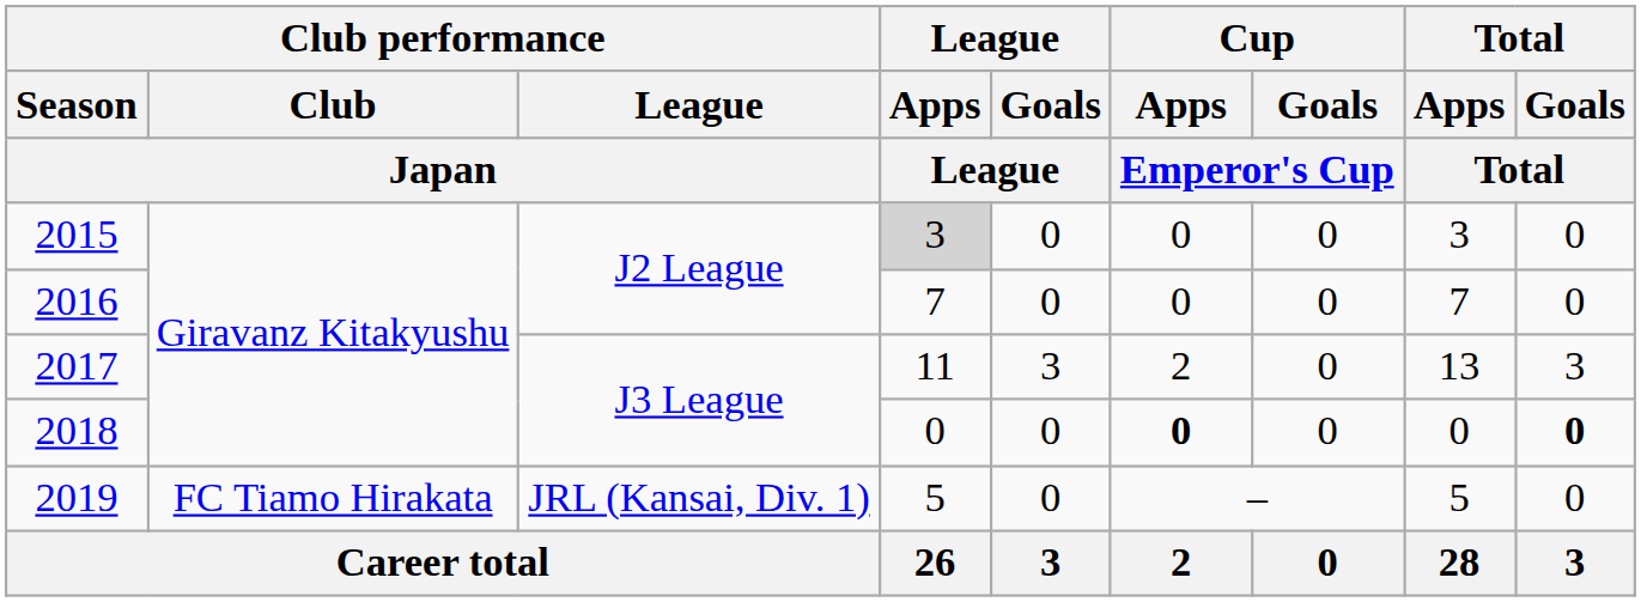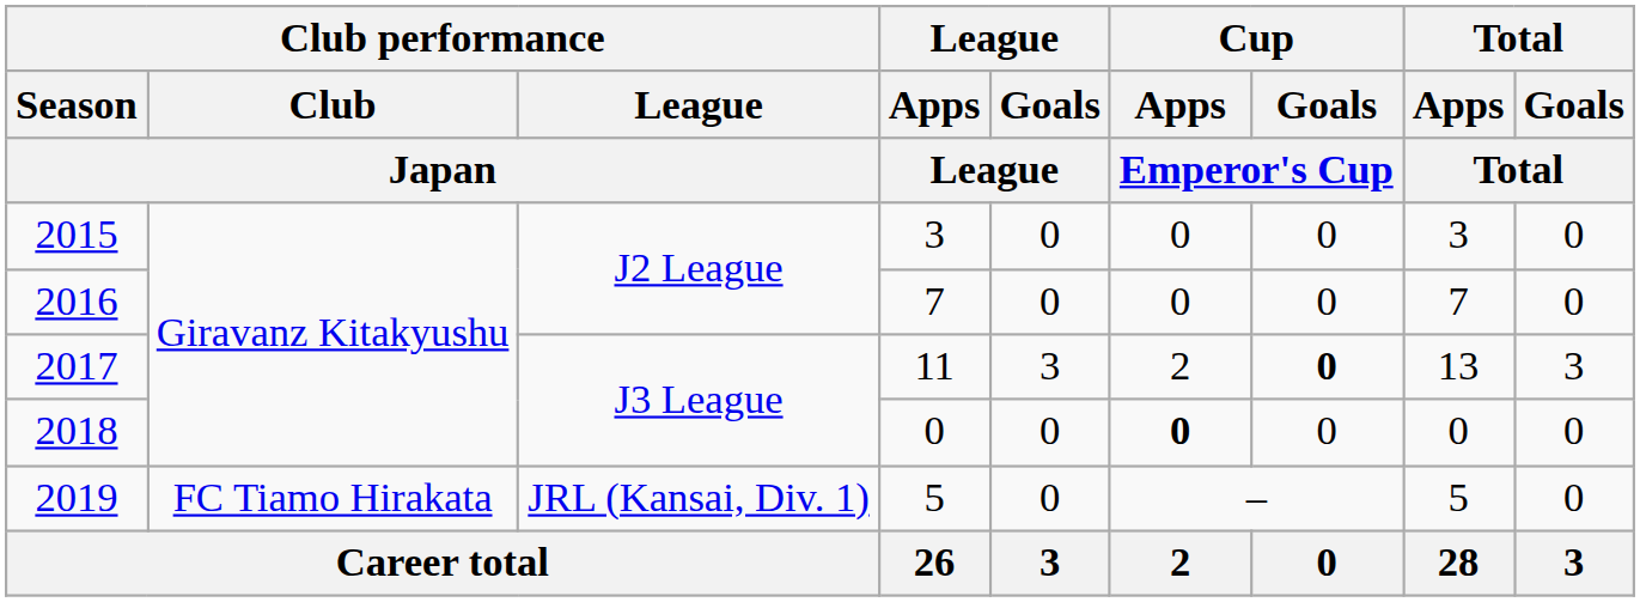 <table class="wikitable" style="text-align:center">
 <tr>
 <th colspan=3>Club performance</th>
 <th colspan=2>League</th>
 <th colspan=2>Cup</th>
 <th colspan=2>Total</th>
 </tr>
 <tr>
 <th>Season</th>
 <th>Club</th>
 <th>League</th>
 <th>Apps</th>
 <th>Goals</th>
 <th>Apps</th>
 <th>Goals</th>
 <th>Apps</th>
 <th>Goals</th>
 </tr>
 <tr>
 <th colspan=3>Japan</th>
 <th colspan=2>League</th>
 <th colspan=2><a href='#'>Emperor's Cup</a></th>
 <th colspan=2>Total</th>
 </tr>
 <tr>
 <td><a href='#'>2015</a></td>
 <td rowspan="4"><a href='#'>Giravanz Kitakyushu</a></td>
 <td rowspan="2"><a href='#'>J2 League</a></td>
-<td style="background: lightgrey;">3</td>
+<td>3</td>
 <td>0</td>
 <td>0</td>
 <td>0</td>
 <td>3</td>
 <td>0</td>
 </tr>
 <tr>
 <td><a href='#'>2016</a></td>
 <td>7</td>
 <td>0</td>
 <td>0</td>
 <td>0</td>
 <td>7</td>
 <td>0</td>
 </tr>
 <tr>
 <td><a href='#'>2017</a></td>
 <td rowspan="2"><a href='#'>J3 League</a></td>
 <td>11</td>
 <td>3</td>
 <td>2</td>
-<td>0</td>
+<td><strong>0</strong></td>
 <td>13</td>
 <td>3</td>
 </tr>
 <tr>
 <td><a href='#'>2018</a></td>
 <td>0</td>
 <td>0</td>
 <td><strong>0</strong></td>
 <td>0</td>
 <td>0</td>
-<td><strong>0</strong></td>
+<td>0</td>
 </tr>
 <tr>
 <td><a href='#'>2019</a></td>
 <td rowspan="1"><a href='#'>FC Tiamo Hirakata</a></td>
 <td rowspan="1"><a href='#'>JRL (Kansai, Div. 1)</a></td>
 <td>5</td>
 <td>0</td>
 <td colspan="2">–</td>
 <td>5</td>
 <td>0</td>
 </tr>
 <tr>
 <th colspan=3>Career total</th>
 <th>26</th>
 <th>3</th>
 <th>2</th>
 <th>0</th>
 <th>28</th>
 <th>3</th>
 </tr>
 </table>
